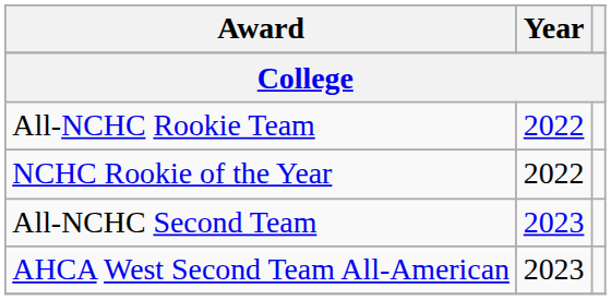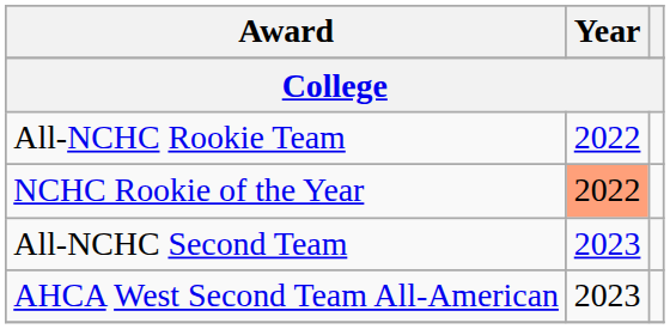 <table class="wikitable">
 <tr>
 <th>Award</th>
 <th>Year</th>
 <th></th>
 </tr>
 <tr ALIGN="center" bgcolor="#e0e0e0">
 </tr>
 <tr ALIGN="center" bgcolor="#e0e0e0">
 <th colspan="3"><a href='#'>College</a></th>
 </tr>
 <tr>
 <td>All-<a href='#'>NCHC</a> <a href='#'>Rookie Team</a></td>
 <td><a href='#'>2022</a></td>
 <td></td>
 </tr>
 <tr>
 <td><a href='#'>NCHC Rookie of the Year</a></td>
-<td>2022</td>
+<td style="background: lightsalmon;">2022</td>
 <td></td>
 </tr>
 <tr>
 <td>All-NCHC <a href='#'>Second Team</a></td>
 <td><a href='#'>2023</a></td>
 <td></td>
 </tr>
 <tr>
 <td><a href='#'>AHCA</a> <a href='#'>West Second Team All-American</a></td>
 <td>2023</td>
 <td></td>
 </tr>
 <tr>
 </tr>
 </table>
